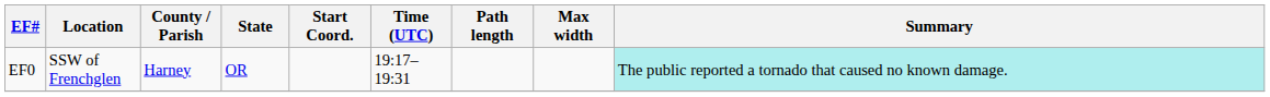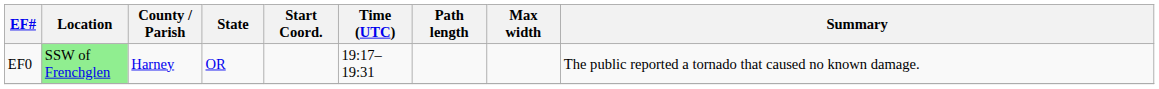 <table class="wikitable sortable" style="width:100%;">
 <tr>
 <th scope="col" style="width:3%; text-align:center;"><a href='#'>EF#</a></th>
 <th scope="col" style="width:7%; text-align:center;" class="unsortable">Location</th>
 <th scope="col" style="width:6%; text-align:center;" class="unsortable">County / Parish</th>
 <th scope="col" style="width:5%; text-align:center;">State</th>
 <th scope="col" style="width:6%; text-align:center;">Start Coord.</th>
 <th scope="col" style="width:6%; text-align:center;">Time (<a href='#'>UTC</a>)</th>
 <th scope="col" style="width:6%; text-align:center;">Path length</th>
 <th scope="col" style="width:6%; text-align:center;">Max width</th>
 <th scope="col" class="unsortable" style="width:48%; text-align:center;">Summary</th>
 </tr>
 <tr>
 <td bgcolor=>EF0</td>
-<td>SSW of <a href='#'>Frenchglen</a></td>
+<td style="background: lightgreen;">SSW of <a href='#'>Frenchglen</a></td>
 <td><a href='#'>Harney</a></td>
 <td><a href='#'>OR</a></td>
 <td></td>
 <td>19:17–19:31</td>
 <td></td>
 <td></td>
-<td style="background: paleturquoise;">The public reported a tornado that caused no known damage.</td>
+<td>The public reported a tornado that caused no known damage.</td>
 </tr>
 <tr>
 </tr>
 </table>
